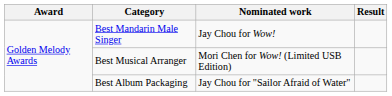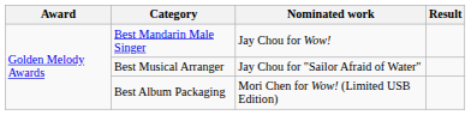 <table class="wikitable">
 <tr>
 <th>Award</th>
 <th>Category</th>
 <th>Nominated work</th>
 <th>Result</th>
 </tr>
 <tr>
 <td rowspan="3"><a href='#'>Golden Melody Awards</a></td>
 <td><a href='#'>Best Mandarin Male Singer</a></td>
 <td>Jay Chou for <em>Wow!</em></td>
 <td></td>
 </tr>
 <tr>
 <td>Best Musical Arranger</td>
-<td>Mori Chen for <em>Wow!</em> (Limited USB Edition)</td>
+<td>Jay Chou for "Sailor Afraid of Water"</td>
 <td></td>
 </tr>
 <tr>
 <td>Best Album Packaging</td>
-<td>Jay Chou for "Sailor Afraid of Water"</td>
+<td>Mori Chen for <em>Wow!</em> (Limited USB Edition)</td>
 <td></td>
 </tr>
 </table>
